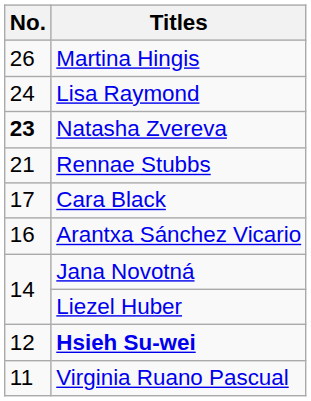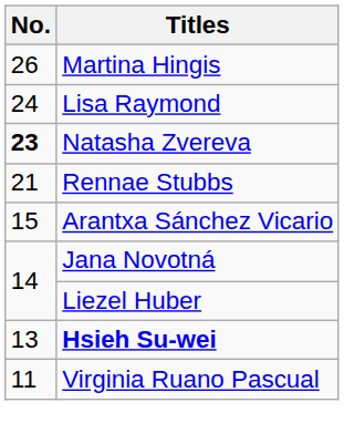 <table class="wikitable nowrap" style="text-align:left; display:inline-table">
 <tr>
 <th scope="col">No.</th>
 <th scope="col">Titles</th>
 </tr>
 <tr>
 <td>26</td>
 <td style="text-align:left"> <a href='#'>Martina Hingis</a></td>
 </tr>
 <tr>
 <td>24</td>
 <td style="text-align:left"> <a href='#'>Lisa Raymond</a></td>
 </tr>
 <tr>
 <td><strong>23</strong></td>
 <td style="text-align:left"> <a href='#'>Natasha Zvereva</a></td>
 </tr>
 <tr>
 <td>21</td>
 <td style="text-align:left"> <a href='#'>Rennae Stubbs</a></td>
 </tr>
 <tr>
-<td>17</td>
-<td style="text-align:left"> <a href='#'>Cara Black</a></td>
-</tr>
-<tr>
-<td>16</td>
+<td>15</td>
 <td style="text-align:left"> <a href='#'>Arantxa Sánchez Vicario</a></td>
 </tr>
 <tr>
 <td rowspan="2">14</td>
 <td style="text-align:left"> <a href='#'>Jana Novotná</a></td>
 </tr>
 <tr>
 <td style="text-align:left"> <a href='#'>Liezel Huber</a></td>
 </tr>
 <tr>
-<td>12</td>
+<td>13</td>
 <td style="text-align:left"> <strong><a href='#'>Hsieh Su-wei</a></strong></td>
 </tr>
 <tr>
 <td>11</td>
 <td style="text-align:left"> <a href='#'>Virginia Ruano Pascual</a></td>
 </tr>
 </table>
